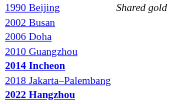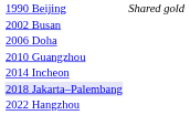 <table>
 <tr>
 <td rowspan=2><a href='#'>1990 Beijing</a></td>
 <td></td>
 <td rowspan=2><em>Shared gold</em></td>
 <td rowspan=2></td>
 </tr>
 <tr>
 <td></td>
 </tr>
 <tr>
 <td><a href='#'>2002 Busan</a></td>
 <td></td>
 <td></td>
 <td></td>
 </tr>
 <tr>
 <td><a href='#'>2006 Doha</a></td>
 <td></td>
 <td></td>
 <td></td>
 </tr>
 <tr>
 <td><a href='#'>2010 Guangzhou</a></td>
 <td></td>
 <td></td>
 <td></td>
 </tr>
 <tr>
-<td><strong><a href='#'>2014 Incheon</a></strong></td>
+<td><a href='#'>2014 Incheon</a></td>
 <td></td>
 <td></td>
 <td></td>
 </tr>
 <tr>
-<td><a href='#'>2018 Jakarta–Palembang</a></td>
+<td style="background: lavender;"><a href='#'>2018 Jakarta–Palembang</a></td>
 <td></td>
 <td></td>
 <td></td>
 </tr>
 <tr>
-<td><strong><a href='#'>2022 Hangzhou</a></strong></td>
+<td><a href='#'>2022 Hangzhou</a></td>
 <td></td>
 <td></td>
 <td></td>
 </tr>
 </table>
